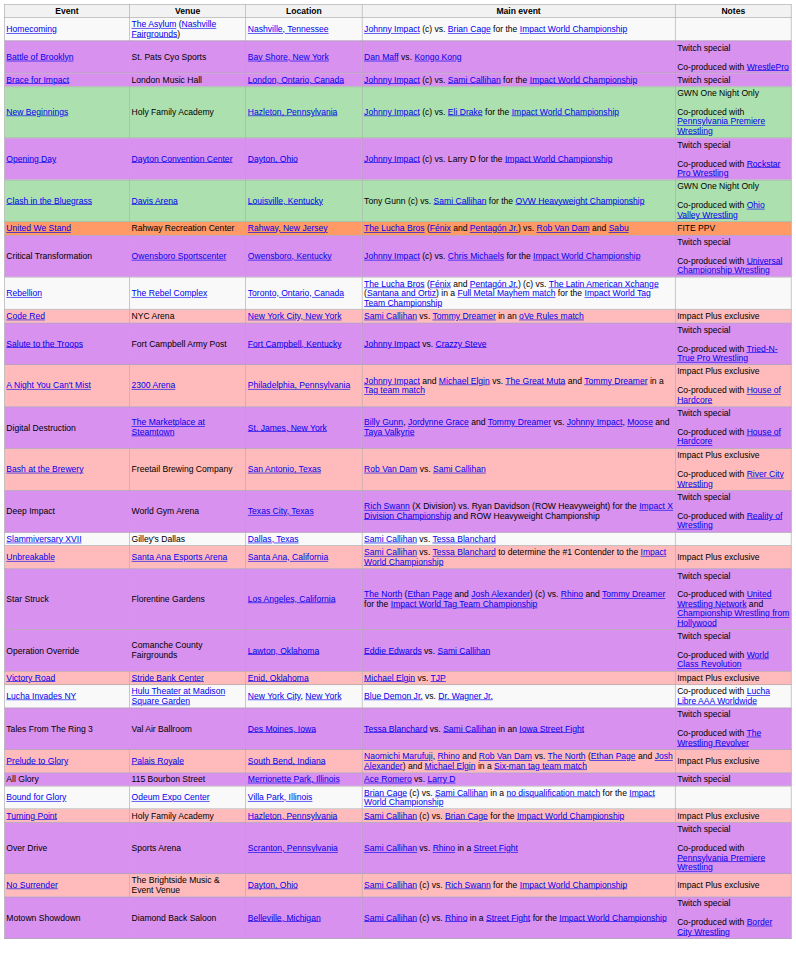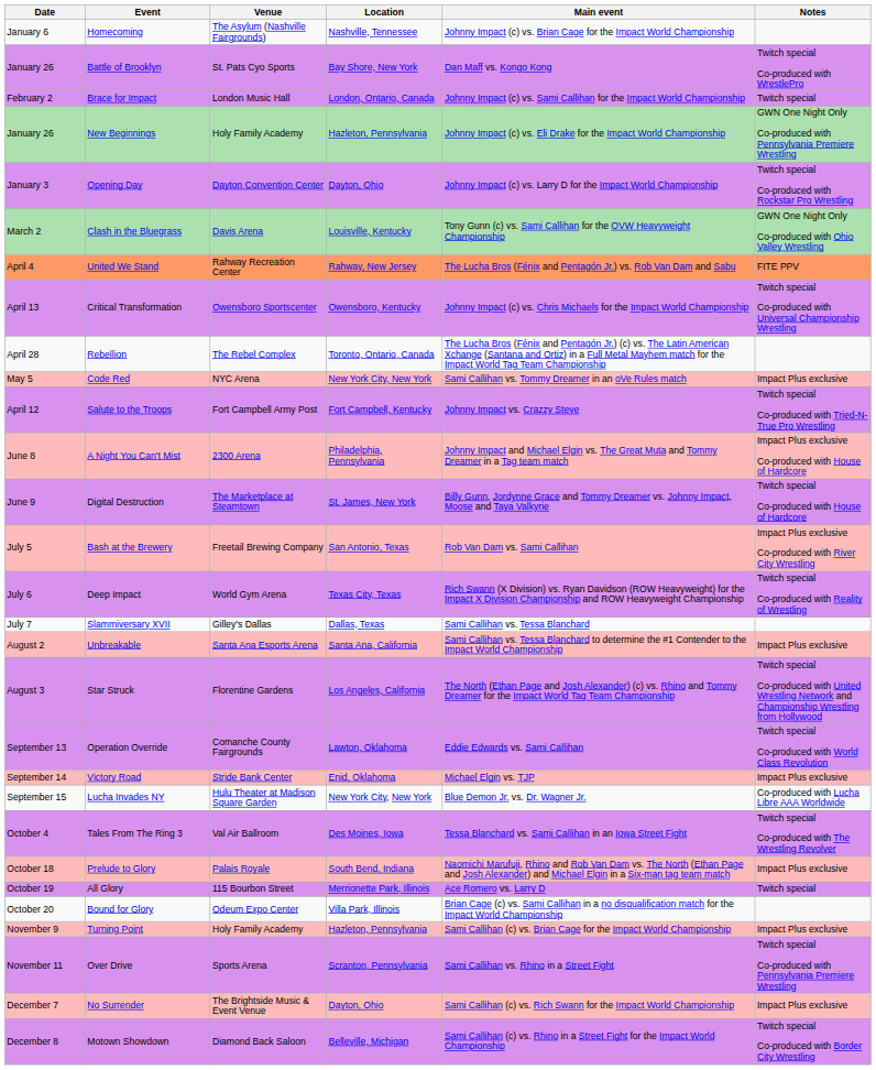 <table class="sortable wikitable succession-box" style="font-size:85%;">
 <tr>
+<th width="9%">Date</th>
 <th width="14%">Event</th>
 <th width="13%">Venue</th>
 <th width="13%">Location</th>
 <th width="35%">Main event</th>
 <th width="13%">Notes</th>
 </tr>
 <tr>
+<td>January 6</td>
 <td><a href='#'>Homecoming</a></td>
 <td><a href='#'>The Asylum</a> (<a href='#'>Nashville Fairgrounds</a>)</td>
 <td><a href='#'>Nashville, Tennessee</a></td>
 <td><a href='#'>Johnny Impact</a> (c) vs. <a href='#'>Brian Cage</a> for the <a href='#'>Impact World Championship</a></td>
 <td></td>
 </tr>
 <tr style="background: #D891EF">
+<td>January 26</td>
 <td><a href='#'>Battle of Brooklyn</a></td>
 <td>St. Pats Cyo Sports</td>
 <td><a href='#'>Bay Shore, New York</a></td>
 <td><a href='#'>Dan Maff</a> vs. <a href='#'>Kongo Kong</a></td>
 <td>Twitch special<br><br>Co-produced with <a href='#'>WrestlePro</a></td>
 </tr>
 <tr style="background: #D891EF">
+<td>February 2</td>
 <td><a href='#'>Brace for Impact</a></td>
 <td>London Music Hall</td>
 <td><a href='#'>London, Ontario, Canada</a></td>
 <td><a href='#'>Johnny Impact</a> (c) vs. <a href='#'>Sami Callihan</a> for the <a href='#'>Impact World Championship</a></td>
 <td>Twitch special</td>
 </tr>
 <tr style="background: #ACE1AF">
+<td>January 26<br></td>
 <td><a href='#'>New Beginnings</a></td>
 <td>Holy Family Academy</td>
 <td><a href='#'>Hazleton, Pennsylvania</a></td>
 <td><a href='#'>Johnny Impact</a> (c) vs. <a href='#'>Eli Drake</a> for the <a href='#'>Impact World Championship</a></td>
 <td>GWN One Night Only<br><br>Co-produced with <a href='#'>Pennsylvania Premiere Wrestling</a></td>
 </tr>
 <tr style="background: #D891EF">
+<td>January 3<br></td>
 <td><a href='#'>Opening Day</a></td>
 <td><a href='#'>Dayton Convention Center</a></td>
 <td><a href='#'>Dayton, Ohio</a></td>
 <td><a href='#'>Johnny Impact</a> (c) vs. Larry D for the <a href='#'>Impact World Championship</a></td>
 <td>Twitch special<br><br>Co-produced with <a href='#'>Rockstar Pro Wrestling</a></td>
 </tr>
 <tr style="background: #ACE1AF">
+<td>March 2<br></td>
 <td><a href='#'>Clash in the Bluegrass</a></td>
 <td><a href='#'>Davis Arena</a></td>
 <td><a href='#'>Louisville, Kentucky</a></td>
 <td>Tony Gunn (c) vs. <a href='#'>Sami Callihan</a> for the <a href='#'>OVW Heavyweight Championship</a></td>
 <td>GWN One Night Only<br><br>Co-produced with <a href='#'>Ohio Valley Wrestling</a></td>
 </tr>
 <tr style="background: #FF9966">
+<td>April 4</td>
 <td><a href='#'>United We Stand</a></td>
 <td>Rahway Recreation Center</td>
 <td><a href='#'>Rahway, New Jersey</a></td>
 <td><a href='#'>The Lucha Bros</a> (<a href='#'>Fénix</a> and <a href='#'>Pentagón Jr.</a>) vs. <a href='#'>Rob Van Dam</a> and <a href='#'>Sabu</a></td>
 <td>FITE PPV</td>
 </tr>
 <tr style="background: #D891EF">
+<td>April 13</td>
 <td>Critical Transformation</td>
 <td><a href='#'>Owensboro Sportscenter</a></td>
 <td><a href='#'>Owensboro, Kentucky</a></td>
 <td><a href='#'>Johnny Impact</a> (c) vs. <a href='#'>Chris Michaels</a> for the <a href='#'>Impact World Championship</a></td>
 <td>Twitch special<br><br>Co-produced with <a href='#'>Universal Championship Wrestling</a></td>
 </tr>
 <tr>
+<td>April 28</td>
 <td><a href='#'>Rebellion</a></td>
 <td><a href='#'>The Rebel Complex</a></td>
 <td><a href='#'>Toronto, Ontario, Canada</a></td>
 <td><a href='#'>The Lucha Bros</a> (<a href='#'>Fénix</a> and <a href='#'>Pentagón Jr.</a>) (c) vs. <a href='#'>The Latin American Xchange</a> (<a href='#'>Santana and Ortiz</a>) in a <a href='#'>Full Metal Mayhem match</a> for the <a href='#'>Impact World Tag Team Championship</a></td>
 <td></td>
 </tr>
 <tr style="background: #FBB">
+<td>May 5</td>
 <td><a href='#'>Code Red</a></td>
 <td>NYC Arena</td>
 <td><a href='#'>New York City, New York</a></td>
 <td><a href='#'>Sami Callihan</a> vs. <a href='#'>Tommy Dreamer</a> in an <a href='#'>oVe Rules match</a></td>
 <td>Impact Plus exclusive</td>
 </tr>
 <tr style="background: #D891EF">
+<td>April 12<br></td>
 <td><a href='#'>Salute to the Troops</a></td>
 <td>Fort Campbell Army Post</td>
 <td><a href='#'>Fort Campbell, Kentucky</a></td>
 <td><a href='#'>Johnny Impact</a> vs. <a href='#'>Crazzy Steve</a></td>
 <td>Twitch special<br><br>Co-produced with <a href='#'>Tried-N-True Pro Wrestling</a></td>
 </tr>
 <tr style="background: #FBB">
+<td>June 8</td>
 <td><a href='#'>A Night You Can't Mist</a></td>
 <td><a href='#'>2300 Arena</a></td>
 <td><a href='#'>Philadelphia, Pennsylvania</a></td>
 <td><a href='#'>Johnny Impact</a> and <a href='#'>Michael Elgin</a> vs. <a href='#'>The Great Muta</a> and <a href='#'>Tommy Dreamer</a> in a <a href='#'>Tag team match</a></td>
 <td>Impact Plus exclusive<br><br>Co-produced with <a href='#'>House of Hardcore</a></td>
 </tr>
 <tr style="background: #D891EF">
+<td>June 9</td>
 <td>Digital Destruction</td>
 <td><a href='#'>The Marketplace at Steamtown</a></td>
 <td><a href='#'>St. James, New York</a></td>
 <td><a href='#'>Billy Gunn</a>, <a href='#'>Jordynne Grace</a> and <a href='#'>Tommy Dreamer</a> vs. <a href='#'>Johnny Impact</a>, <a href='#'>Moose</a> and <a href='#'>Taya Valkyrie</a></td>
 <td>Twitch special<br><br>Co-produced with <a href='#'>House of Hardcore</a></td>
 </tr>
 <tr style="background: #FBB">
+<td>July 5</td>
 <td><a href='#'>Bash at the Brewery</a></td>
 <td>Freetail Brewing Company</td>
 <td><a href='#'>San Antonio, Texas</a></td>
 <td><a href='#'>Rob Van Dam</a> vs. <a href='#'>Sami Callihan</a></td>
 <td>Impact Plus exclusive<br><br>Co-produced with <a href='#'>River City Wrestling</a></td>
 </tr>
 <tr style="background: #D891EF">
+<td>July 6</td>
 <td>Deep Impact</td>
 <td>World Gym Arena</td>
 <td><a href='#'>Texas City, Texas</a></td>
 <td><a href='#'>Rich Swann</a> (X Division) vs. Ryan Davidson (ROW Heavyweight) for the <a href='#'>Impact X Division Championship</a> and ROW Heavyweight Championship</td>
 <td>Twitch special<br><br>Co-produced with <a href='#'>Reality of Wrestling</a></td>
 </tr>
 <tr>
+<td>July 7</td>
 <td><a href='#'>Slammiversary XVII</a></td>
 <td>Gilley's Dallas</td>
 <td><a href='#'>Dallas, Texas</a></td>
 <td><a href='#'>Sami Callihan</a> vs. <a href='#'>Tessa Blanchard</a></td>
 <td></td>
 </tr>
 <tr style="background: #FBB">
+<td>August 2</td>
 <td><a href='#'>Unbreakable</a></td>
 <td><a href='#'>Santa Ana Esports Arena</a></td>
 <td><a href='#'>Santa Ana, California</a></td>
 <td><a href='#'>Sami Callihan</a> vs. <a href='#'>Tessa Blanchard</a> to determine the #1 Contender to the <a href='#'>Impact World Championship</a></td>
 <td>Impact Plus exclusive</td>
 </tr>
 <tr style="background: #D891EF">
+<td>August 3</td>
 <td>Star Struck</td>
 <td>Florentine Gardens</td>
 <td><a href='#'>Los Angeles, California</a></td>
 <td><a href='#'>The North</a> (<a href='#'>Ethan Page</a> and <a href='#'>Josh Alexander</a>) (c) vs. <a href='#'>Rhino</a> and <a href='#'>Tommy Dreamer</a> for the <a href='#'>Impact World Tag Team Championship</a></td>
 <td>Twitch special<br><br>Co-produced with <a href='#'>United Wrestling Network</a> and <a href='#'>Championship Wrestling from Hollywood</a></td>
 </tr>
 <tr style="background: #D891EF">
+<td>September 13</td>
 <td>Operation Override</td>
 <td>Comanche County Fairgrounds</td>
 <td><a href='#'>Lawton, Oklahoma</a></td>
 <td><a href='#'>Eddie Edwards</a> vs. <a href='#'>Sami Callihan</a></td>
 <td>Twitch special<br><br>Co-produced with <a href='#'>World Class Revolution</a></td>
 </tr>
 <tr style="background: #FBB">
+<td>September 14</td>
 <td><a href='#'>Victory Road</a></td>
 <td><a href='#'>Stride Bank Center</a></td>
 <td><a href='#'>Enid, Oklahoma</a></td>
 <td><a href='#'>Michael Elgin</a> vs. <a href='#'>TJP</a></td>
 <td>Impact Plus exclusive</td>
 </tr>
 <tr>
+<td>September 15</td>
 <td><a href='#'>Lucha Invades NY</a></td>
 <td><a href='#'>Hulu Theater at Madison Square Garden</a></td>
 <td><a href='#'>New York City</a>, <a href='#'>New York</a></td>
 <td><a href='#'>Blue Demon Jr.</a> vs. <a href='#'>Dr. Wagner Jr.</a></td>
 <td>Co-produced with <a href='#'>Lucha Libre AAA Worldwide</a></td>
 </tr>
 <tr style="background: #D891EF">
+<td>October 4</td>
 <td>Tales From The Ring 3</td>
 <td>Val Air Ballroom</td>
 <td><a href='#'>Des Moines, Iowa</a></td>
 <td><a href='#'>Tessa Blanchard</a> vs. <a href='#'>Sami Callihan</a> in an <a href='#'>Iowa Street Fight</a></td>
 <td>Twitch special<br><br>Co-produced with <a href='#'>The Wrestling Revolver</a></td>
 </tr>
 <tr style="background: #FBB">
+<td>October 18</td>
 <td><a href='#'>Prelude to Glory</a></td>
 <td><a href='#'>Palais Royale</a></td>
 <td><a href='#'>South Bend, Indiana</a></td>
 <td><a href='#'>Naomichi Marufuji</a>, <a href='#'>Rhino</a> and <a href='#'>Rob Van Dam</a> vs. <a href='#'>The North</a> (<a href='#'>Ethan Page</a> and <a href='#'>Josh Alexander</a>) and <a href='#'>Michael Elgin</a> in a <a href='#'>Six-man tag team match</a></td>
 <td>Impact Plus exclusive</td>
 </tr>
 <tr style="background: #D891EF">
+<td>October 19</td>
 <td>All Glory</td>
 <td>115 Bourbon Street</td>
 <td><a href='#'>Merrionette Park, Illinois</a></td>
 <td><a href='#'>Ace Romero</a> vs. <a href='#'>Larry D</a></td>
 <td>Twitch special</td>
 </tr>
 <tr>
+<td>October 20</td>
 <td><a href='#'>Bound for Glory</a></td>
 <td><a href='#'>Odeum Expo Center</a></td>
 <td><a href='#'>Villa Park, Illinois</a></td>
 <td><a href='#'>Brian Cage</a> (c) vs. <a href='#'>Sami Callihan</a> in a <a href='#'>no disqualification match</a> for the <a href='#'>Impact World Championship</a></td>
 <td></td>
 </tr>
 <tr style="background: #FBB">
+<td>November 9</td>
 <td><a href='#'>Turning Point</a></td>
 <td>Holy Family Academy</td>
 <td><a href='#'>Hazleton, Pennsylvania</a></td>
 <td><a href='#'>Sami Callihan</a> (c) vs. <a href='#'>Brian Cage</a> for the <a href='#'>Impact World Championship</a></td>
 <td>Impact Plus exclusive</td>
 </tr>
 <tr style="background: #D891EF">
+<td>November 11</td>
 <td>Over Drive</td>
 <td>Sports Arena</td>
 <td><a href='#'>Scranton, Pennsylvania</a></td>
 <td><a href='#'>Sami Callihan</a> vs. <a href='#'>Rhino</a> in a <a href='#'>Street Fight</a></td>
 <td>Twitch special<br><br>Co-produced with <a href='#'>Pennsylvania Premiere Wrestling</a></td>
 </tr>
 <tr style="background: #FBB">
+<td>December 7</td>
 <td><a href='#'>No Surrender</a></td>
 <td>The Brightside Music & Event Venue</td>
 <td><a href='#'>Dayton, Ohio</a></td>
 <td><a href='#'>Sami Callihan</a> (c) vs. <a href='#'>Rich Swann</a> for the <a href='#'>Impact World Championship</a></td>
 <td>Impact Plus exclusive</td>
 </tr>
 <tr style="background: #D891EF">
+<td>December 8</td>
 <td>Motown Showdown</td>
 <td>Diamond Back Saloon</td>
 <td><a href='#'>Belleville, Michigan</a></td>
 <td><a href='#'>Sami Callihan</a> (c) vs. <a href='#'>Rhino</a> in a <a href='#'>Street Fight</a> for the <a href='#'>Impact World Championship</a></td>
 <td>Twitch special<br><br>Co-produced with <a href='#'>Border City Wrestling</a></td>
 </tr>
 </table>
